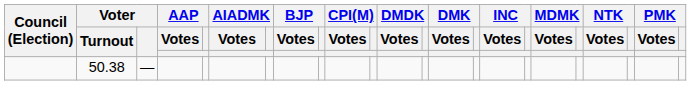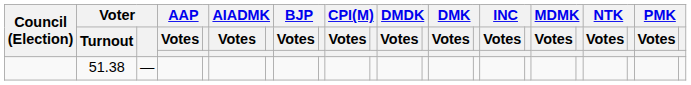 <table class="wikitable sortable" style="text-align:center">
 <tr>
 <th rowspan="3">Council<br>(Election)</th>
 <th colspan="2">Voter</th>
 <th colspan="2"><a href='#'>AAP</a></th>
 <th colspan="2"><a href='#'>AIADMK</a></th>
 <th colspan="2"><a href='#'>BJP</a></th>
 <th colspan="2"><a href='#'>CPI(M)</a></th>
 <th colspan="2"><a href='#'>DMDK</a></th>
 <th colspan="2"><a href='#'>DMK</a></th>
 <th colspan="2"><a href='#'>INC</a></th>
 <th colspan="2"><a href='#'>MDMK</a></th>
 <th colspan="2"><a href='#'>NTK</a></th>
 <th colspan="2"><a href='#'>PMK</a></th>
 </tr>
 <tr>
 <th rowspan="2">Turnout</th>
 <th rowspan="2"></th>
 <th>Votes</th>
 <th></th>
 <th>Votes</th>
 <th></th>
 <th>Votes</th>
 <th></th>
 <th>Votes</th>
 <th></th>
 <th>Votes</th>
 <th></th>
 <th>Votes</th>
 <th></th>
 <th>Votes</th>
 <th></th>
 <th>Votes</th>
 <th></th>
 <th>Votes</th>
 <th></th>
 <th>Votes</th>
 <th></th>
 </tr>
 <tr style="height:6px;">
 <th colspan="2" style="background:"></th>
 <th colspan="2" style="background:"></th>
 <th colspan="2" style="background:"></th>
 <th colspan="2" style="background:"></th>
 <th colspan="2" style="background:"></th>
 <th colspan="2" style="background:"></th>
 <th colspan="2" style="background:"></th>
 <th colspan="2" style="background:"></th>
 <th colspan="2" style="background:"></th>
 <th colspan="2" style="background:"></th>
 </tr>
 <tr>
 <td></td>
-<td>50.38</td>
+<td>51.38</td>
 <td>—</td>
 <td></td>
 <td></td>
 <td></td>
 <td></td>
 <td></td>
 <td></td>
 <td></td>
 <td></td>
 <td></td>
 <td></td>
 <td></td>
 <td></td>
 <td></td>
 <td></td>
 <td></td>
 <td></td>
 <td></td>
 <td></td>
 <td></td>
 <td></td>
 </tr>
 </table>
